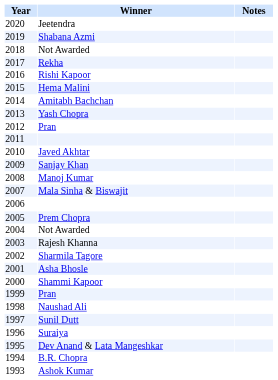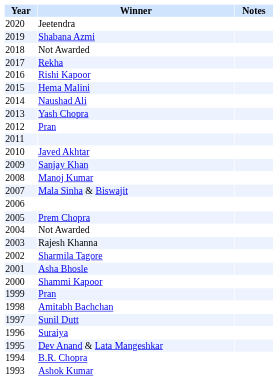 <table cellspacing="1" cellpadding="1" border="0" width="50%">
 <tr bgcolor="#d1e4fd">
 <th>Year</th>
 <th>Winner</th>
 <th>Notes</th>
 </tr>
 <tr>
 <td>2020</td>
 <td>Jeetendra</td>
 <td></td>
 </tr>
 <tr>
 </tr>
 <tr bgcolor=#edf3fe>
 <td>2019</td>
 <td><a href='#'>Shabana Azmi</a></td>
 <td></td>
 </tr>
 <tr>
 <td>2018</td>
 <td>Not Awarded</td>
 <td></td>
 </tr>
 <tr bgcolor=#edf3fe>
 <td>2017</td>
 <td><a href='#'>Rekha</a></td>
 <td></td>
 </tr>
 <tr>
 <td>2016</td>
 <td><a href='#'>Rishi Kapoor</a></td>
 <td></td>
 </tr>
 <tr bgcolor=#edf3fe>
 <td>2015</td>
 <td><a href='#'>Hema Malini</a></td>
 <td></td>
 </tr>
 <tr>
 <td>2014</td>
-<td><a href='#'>Amitabh Bachchan</a></td>
+<td><a href='#'>Naushad Ali</a></td>
 <td></td>
 </tr>
 <tr bgcolor=#edf3fe>
 <td>2013</td>
 <td><a href='#'>Yash Chopra</a></td>
 <td></td>
 </tr>
 <tr>
 <td>2012</td>
 <td><a href='#'>Pran</a></td>
 <td></td>
 </tr>
 <tr bgcolor=#edf3fe>
 <td>2011</td>
 <td></td>
 <td></td>
 </tr>
 <tr>
 <td>2010</td>
 <td><a href='#'>Javed Akhtar</a></td>
 <td></td>
 </tr>
 <tr bgcolor=#edf3fe>
 <td>2009</td>
 <td><a href='#'>Sanjay Khan</a></td>
 <td></td>
 </tr>
 <tr>
 <td>2008</td>
 <td><a href='#'>Manoj Kumar</a></td>
 <td></td>
 </tr>
 <tr bgcolor=#edf3fe>
 <td>2007</td>
 <td><a href='#'>Mala Sinha</a> & <a href='#'>Biswajit</a></td>
 <td></td>
 </tr>
 <tr>
 <td>2006</td>
 <td></td>
 <td></td>
 </tr>
 <tr bgcolor=#edf3fe>
 </tr>
 <tr>
 </tr>
 <tr bgcolor=#edf3fe>
 <td>2005</td>
 <td><a href='#'>Prem Chopra</a></td>
 <td></td>
 </tr>
 <tr>
 <td>2004</td>
 <td>Not Awarded</td>
 <td></td>
 </tr>
 <tr bgcolor=#edf3fe>
 <td>2003</td>
 <td>Rajesh Khanna</td>
 <td></td>
 </tr>
 <tr>
 <td>2002</td>
 <td><a href='#'>Sharmila Tagore</a></td>
 <td></td>
 </tr>
 <tr bgcolor=#edf3fe>
 <td>2001</td>
 <td><a href='#'>Asha Bhosle</a></td>
 <td></td>
 </tr>
 <tr>
 <td>2000</td>
 <td><a href='#'>Shammi Kapoor</a></td>
 <td></td>
 </tr>
 <tr bgcolor=#edf3fe>
 <td>1999</td>
 <td><a href='#'>Pran</a></td>
 <td></td>
 </tr>
 <tr>
 <td>1998</td>
-<td><a href='#'>Naushad Ali</a></td>
+<td><a href='#'>Amitabh Bachchan</a></td>
 <td></td>
 </tr>
 <tr bgcolor=#edf3fe>
 <td>1997</td>
 <td><a href='#'>Sunil Dutt</a></td>
 <td></td>
 </tr>
 <tr>
 <td>1996</td>
 <td><a href='#'>Suraiya</a></td>
 <td></td>
 </tr>
 <tr bgcolor=#edf3fe>
 <td>1995</td>
 <td><a href='#'>Dev Anand</a> & <a href='#'>Lata Mangeshkar</a></td>
 <td></td>
 </tr>
 <tr>
 <td>1994</td>
 <td><a href='#'>B.R. Chopra</a></td>
 <td></td>
 </tr>
 <tr>
 <td>1993</td>
 <td><a href='#'>Ashok Kumar</a></td>
 <td></td>
 </tr>
 </table>
